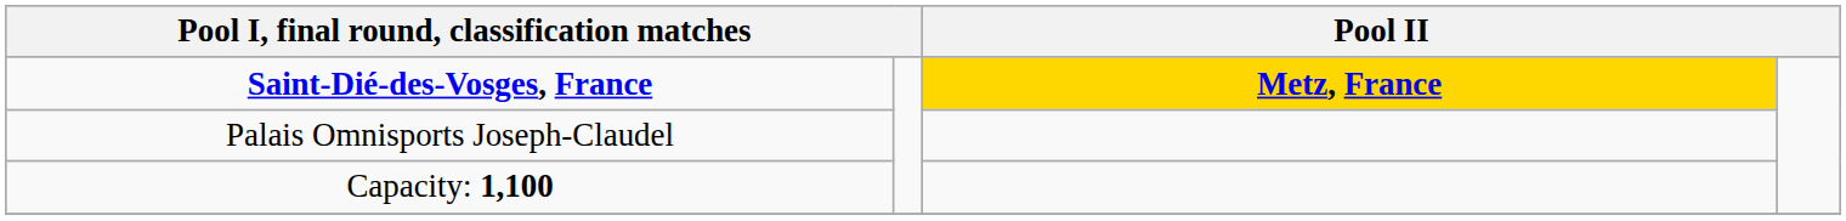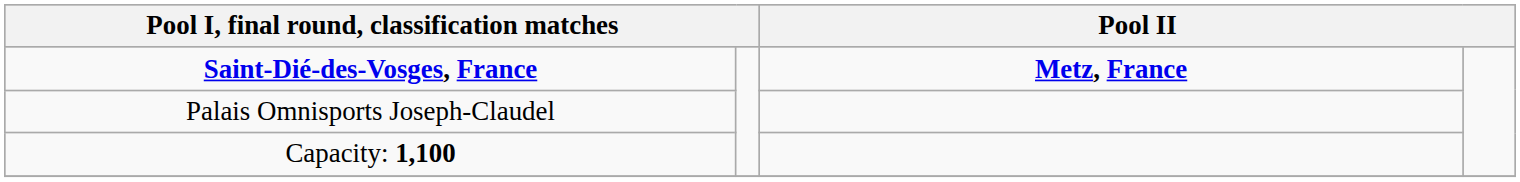 <table class="wikitable" style="text-align: center; width: 900px;">
 <tr>
 <th colspan="2" style="width: 50%;">Pool I, final round, classification matches</th>
 <th colspan="2" style="width: 50%;">Pool II</th>
 </tr>
 <tr>
 <td><strong> <a href='#'>Saint-Dié-des-Vosges</a>, <a href='#'>France</a></strong></td>
 <td rowspan="3"></td>
-<td style="background: gold;"><strong> <a href='#'>Metz</a>, <a href='#'>France</a></strong></td>
+<td><strong> <a href='#'>Metz</a>, <a href='#'>France</a></strong></td>
 <td rowspan="3"></td>
 </tr>
 <tr>
 <td>Palais Omnisports Joseph-Claudel</td>
 <td></td>
 </tr>
 <tr>
 <td>Capacity: <strong>1,100</strong></td>
 <td></td>
 </tr>
 <tr>
 </tr>
 </table>
